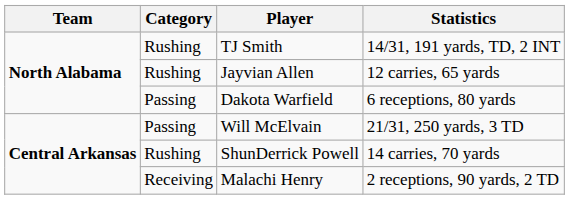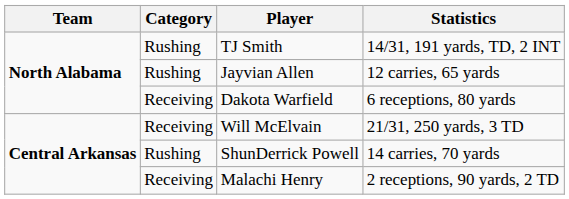 <table class="wikitable" style="float: right;">
 <tr>
 <th>Team</th>
 <th>Category</th>
 <th>Player</th>
 <th>Statistics</th>
 </tr>
 <tr>
 <td rowspan=3><strong>North Alabama</strong></td>
 <td>Rushing</td>
 <td>TJ Smith</td>
 <td>14/31, 191 yards, TD, 2 INT</td>
 </tr>
 <tr>
 <td>Rushing</td>
 <td>Jayvian Allen</td>
 <td>12 carries, 65 yards</td>
 </tr>
 <tr>
-<td>Passing</td>
+<td>Receiving</td>
 <td>Dakota Warfield</td>
 <td>6 receptions, 80 yards</td>
 </tr>
 <tr>
 <td rowspan=3><strong>Central Arkansas</strong></td>
-<td>Passing</td>
+<td>Receiving</td>
 <td>Will McElvain</td>
 <td>21/31, 250 yards, 3 TD</td>
 </tr>
 <tr>
 <td>Rushing</td>
 <td>ShunDerrick Powell</td>
 <td>14 carries, 70 yards</td>
 </tr>
 <tr>
 <td>Receiving</td>
 <td>Malachi Henry</td>
 <td>2 receptions, 90 yards, 2 TD</td>
 </tr>
 </table>
